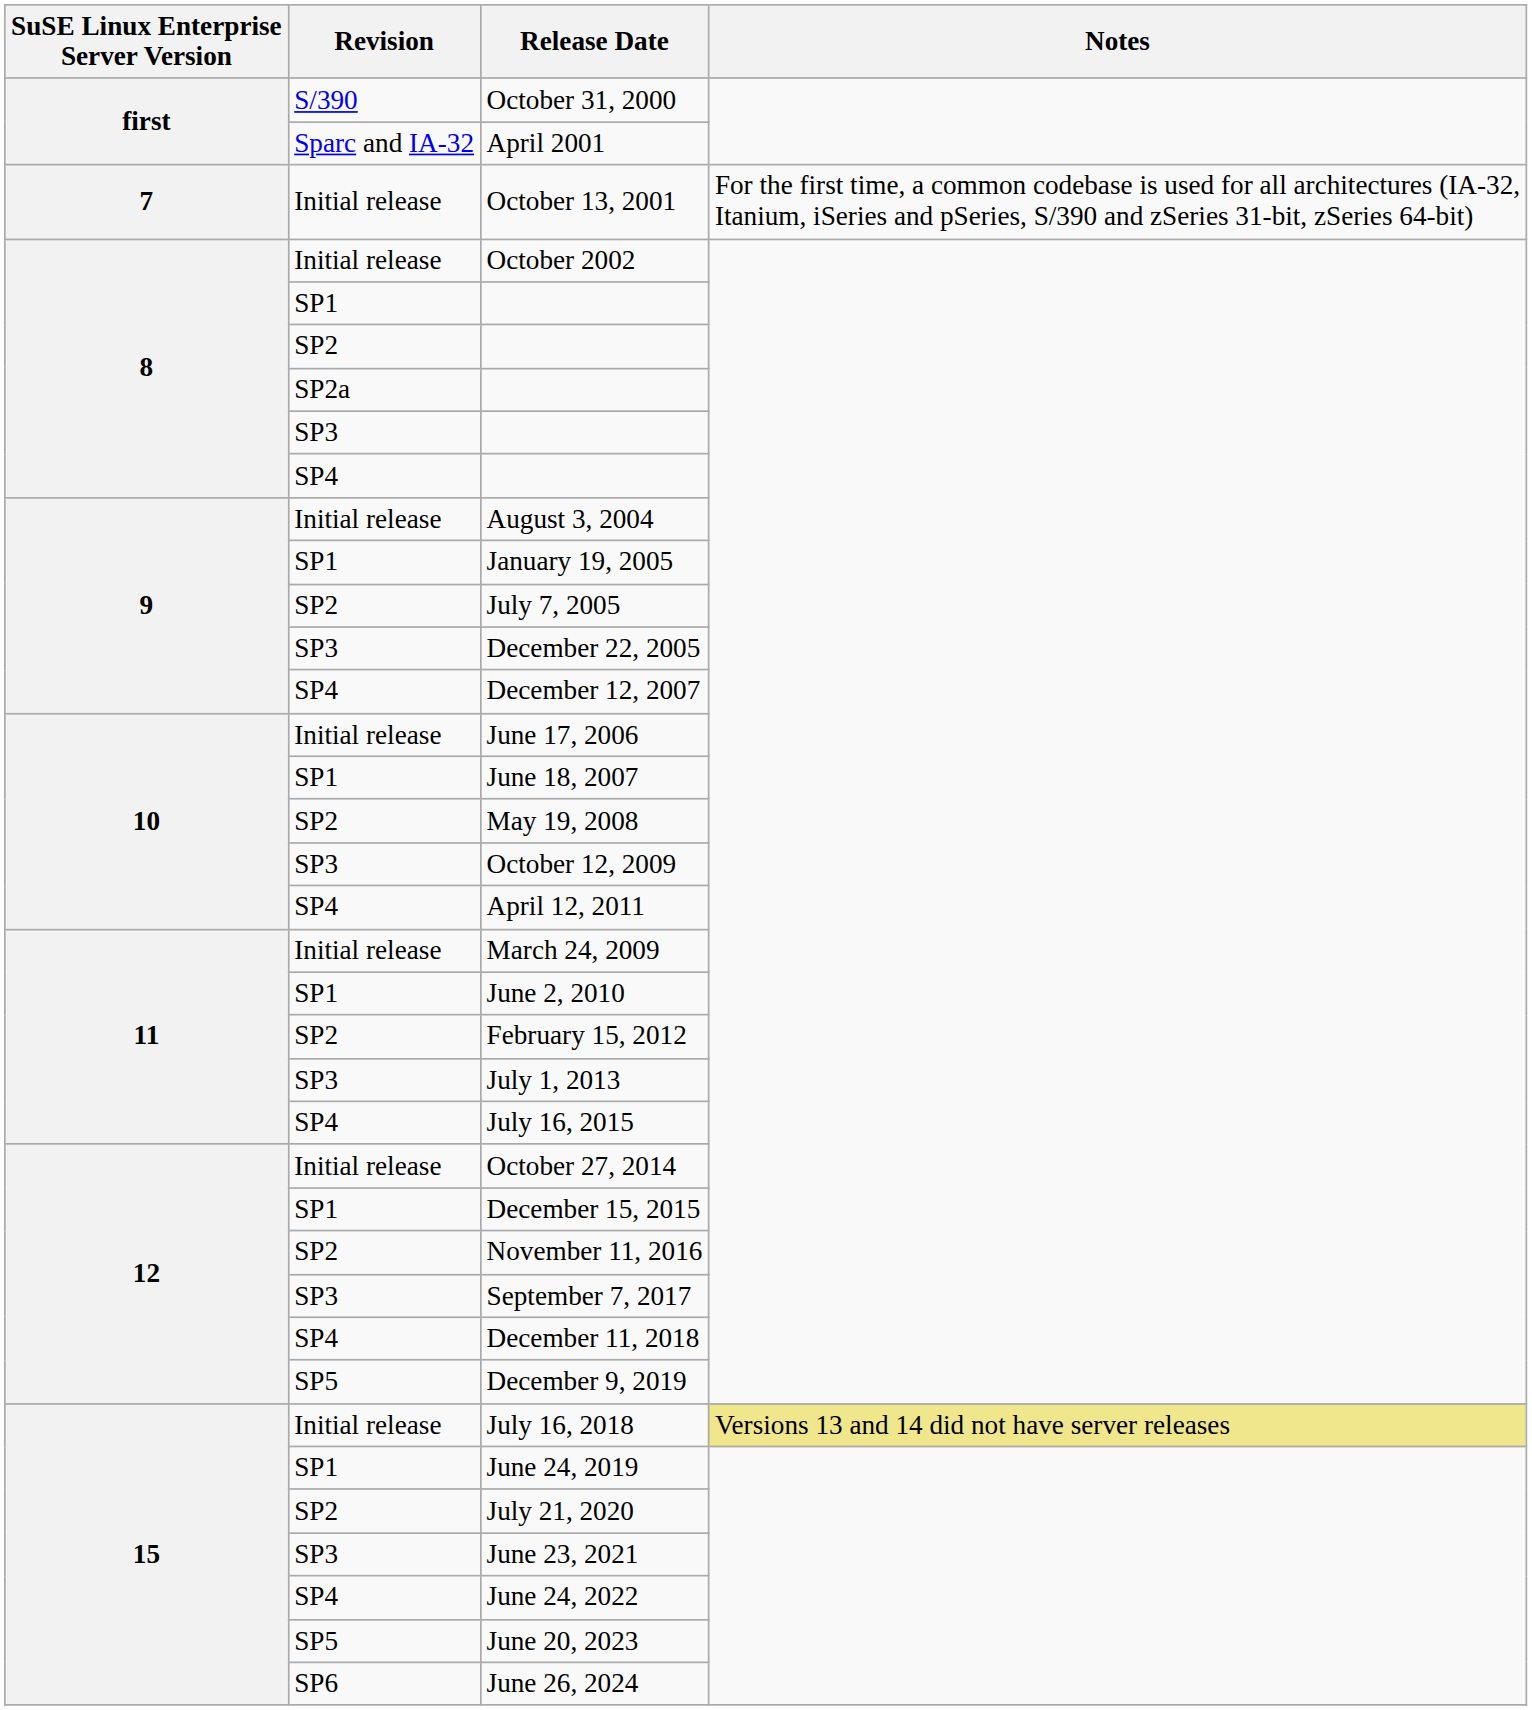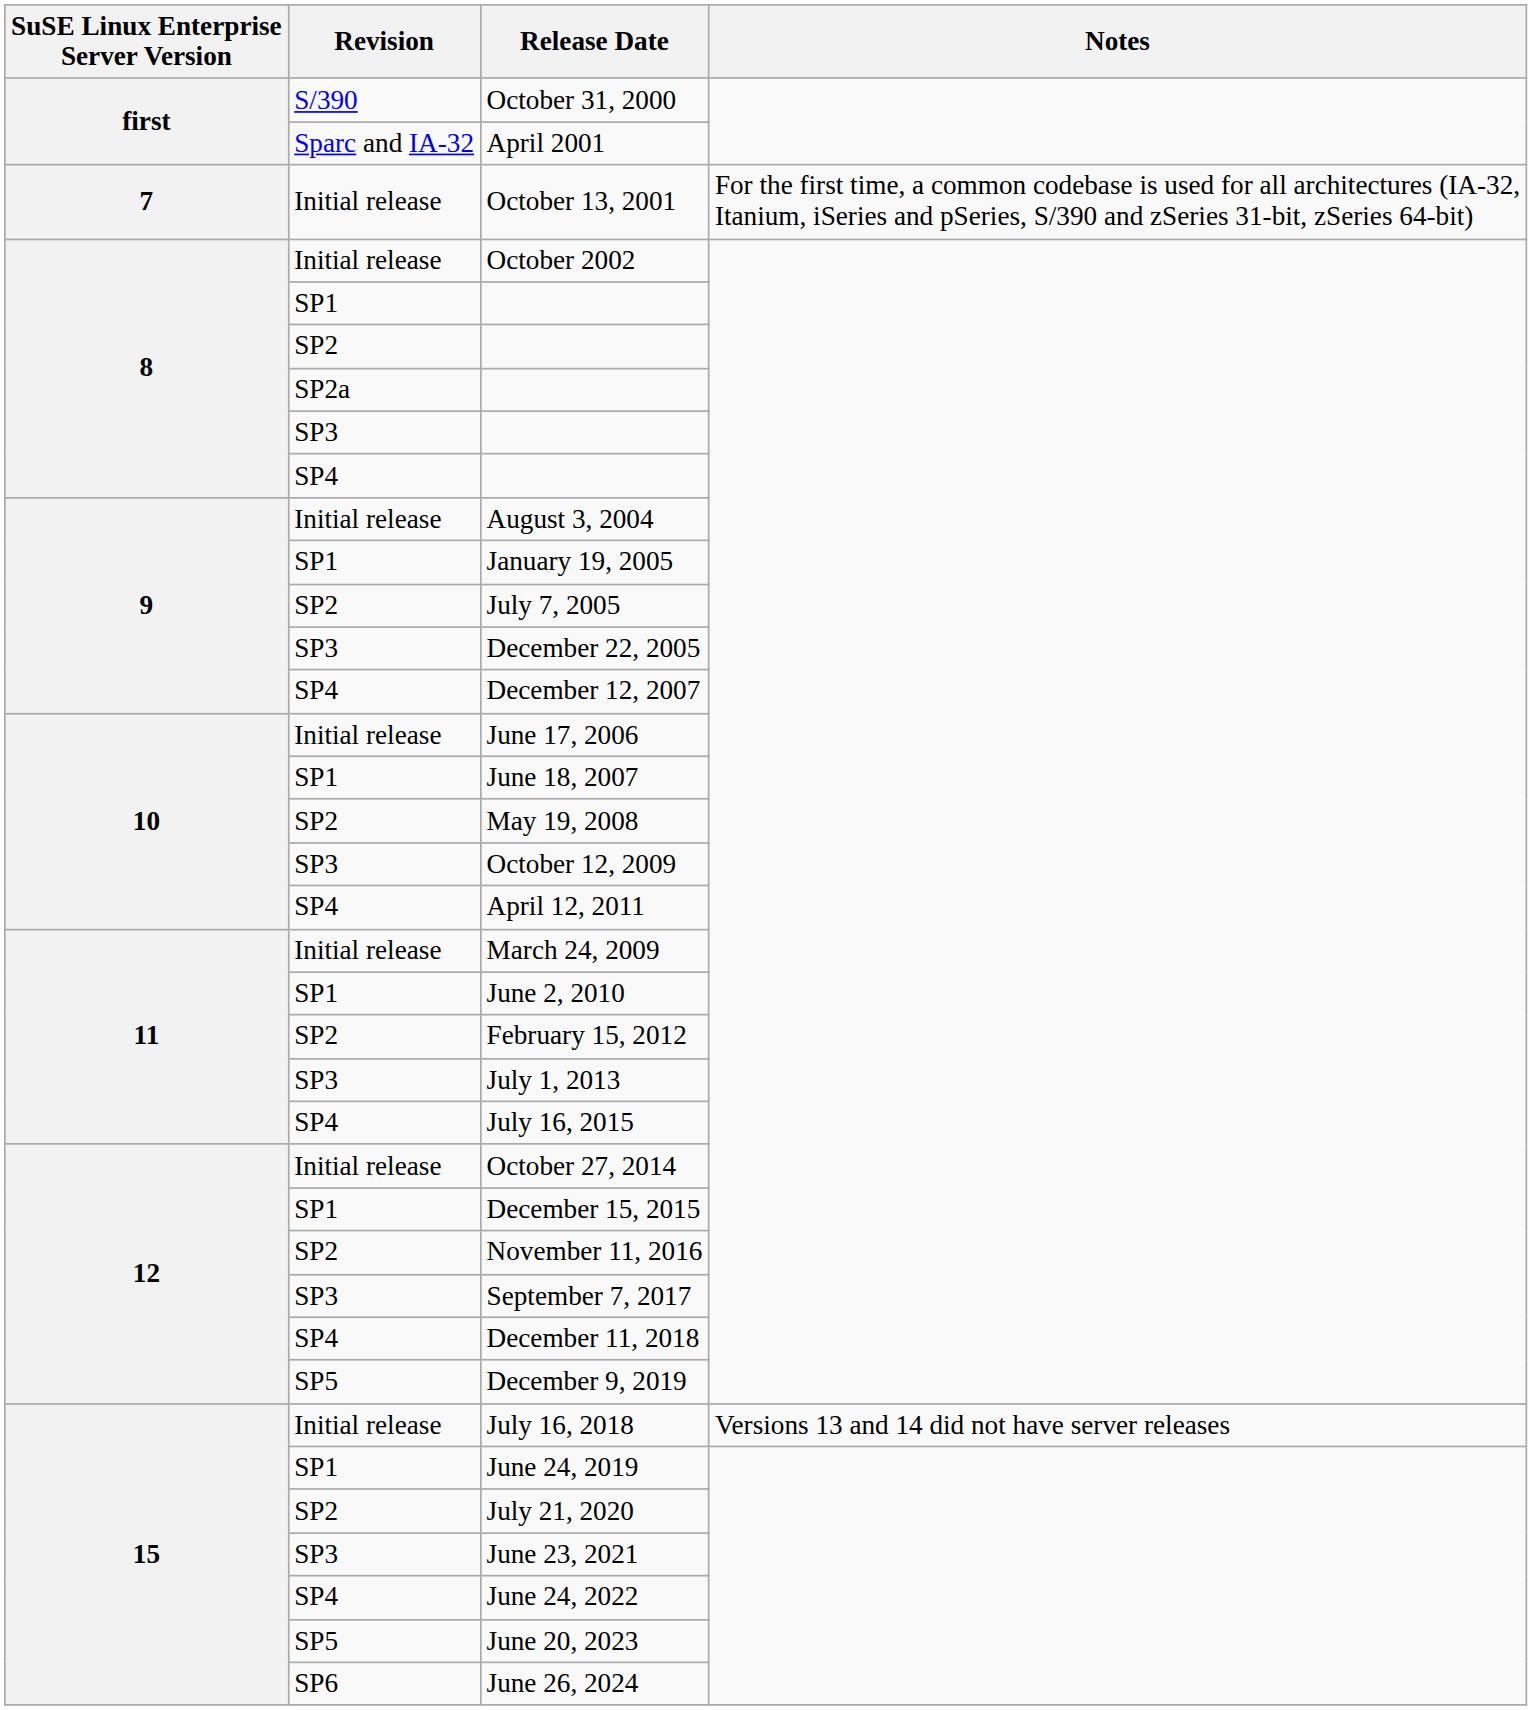 <table class="wikitable">
 <tr>
 <th>SuSE Linux Enterprise<br>Server Version</th>
 <th>Revision</th>
 <th>Release Date</th>
 <th>Notes</th>
 </tr>
 <tr>
 <th rowspan="2">first</th>
 <td><a href='#'>S/390</a></td>
 <td>October 31, 2000</td>
 </tr>
 <tr>
 <td><a href='#'>Sparc</a> and <a href='#'>IA-32</a></td>
 <td>April 2001</td>
 </tr>
 <tr>
 <th>7</th>
 <td>Initial release</td>
 <td>October 13, 2001</td>
 <td>For the first time, a common codebase is used for all architectures (IA-32,<br>Itanium, iSeries and pSeries, S/390 and zSeries 31-bit, zSeries 64-bit)</td>
 </tr>
 <tr>
 <th rowspan="6">8</th>
 <td>Initial release</td>
 <td>October 2002</td>
 </tr>
 <tr>
 <td>SP1</td>
 <td></td>
 </tr>
 <tr>
 <td>SP2</td>
 <td></td>
 </tr>
 <tr>
 <td>SP2a</td>
 <td></td>
 </tr>
 <tr>
 <td>SP3</td>
 <td></td>
 </tr>
 <tr>
 <td>SP4</td>
 <td></td>
 </tr>
 <tr>
 <th rowspan="5">9</th>
 <td>Initial release</td>
 <td>August 3, 2004</td>
 </tr>
 <tr>
 <td>SP1</td>
 <td>January 19, 2005</td>
 </tr>
 <tr>
 <td>SP2</td>
 <td>July 7, 2005</td>
 </tr>
 <tr>
 <td>SP3</td>
 <td>December 22, 2005</td>
 </tr>
 <tr>
 <td>SP4</td>
 <td>December 12, 2007</td>
 </tr>
 <tr>
 <th rowspan="5">10</th>
 <td>Initial release</td>
 <td>June 17, 2006</td>
 </tr>
 <tr>
 <td>SP1</td>
 <td>June 18, 2007</td>
 </tr>
 <tr>
 <td>SP2</td>
 <td>May 19, 2008</td>
 </tr>
 <tr>
 <td>SP3</td>
 <td>October 12, 2009</td>
 </tr>
 <tr>
 <td>SP4</td>
 <td>April 12, 2011</td>
 </tr>
 <tr>
 <th rowspan="5">11</th>
 <td>Initial release</td>
 <td>March 24, 2009</td>
 </tr>
 <tr>
 <td>SP1</td>
 <td>June 2, 2010</td>
 </tr>
 <tr>
 <td>SP2</td>
 <td>February 15, 2012</td>
 </tr>
 <tr>
 <td>SP3</td>
 <td>July 1, 2013</td>
 </tr>
 <tr>
 <td>SP4</td>
 <td>July 16, 2015</td>
 </tr>
 <tr>
 <th rowspan="6">12</th>
 <td>Initial release</td>
 <td>October 27, 2014</td>
 </tr>
 <tr>
 <td>SP1</td>
 <td>December 15, 2015</td>
 </tr>
 <tr>
 <td>SP2</td>
 <td>November 11, 2016</td>
 </tr>
 <tr>
 <td>SP3</td>
 <td>September 7, 2017</td>
 </tr>
 <tr>
 <td>SP4</td>
 <td>December 11, 2018</td>
 </tr>
 <tr>
 <td>SP5</td>
 <td>December 9, 2019</td>
 </tr>
 <tr>
 <th rowspan="7">15</th>
 <td>Initial release</td>
 <td>July 16, 2018</td>
-<td style="background: khaki;">Versions 13 and 14 did not have server releases</td>
+<td>Versions 13 and 14 did not have server releases</td>
 </tr>
 <tr>
 <td>SP1</td>
 <td>June 24, 2019</td>
 </tr>
 <tr>
 <td>SP2</td>
 <td>July 21, 2020</td>
 </tr>
 <tr>
 <td>SP3</td>
 <td>June 23, 2021</td>
 </tr>
 <tr>
 <td>SP4</td>
 <td>June 24, 2022</td>
 </tr>
 <tr>
 <td>SP5</td>
 <td>June 20, 2023</td>
 </tr>
 <tr>
 <td>SP6</td>
 <td>June 26, 2024</td>
 </tr>
 </table>
